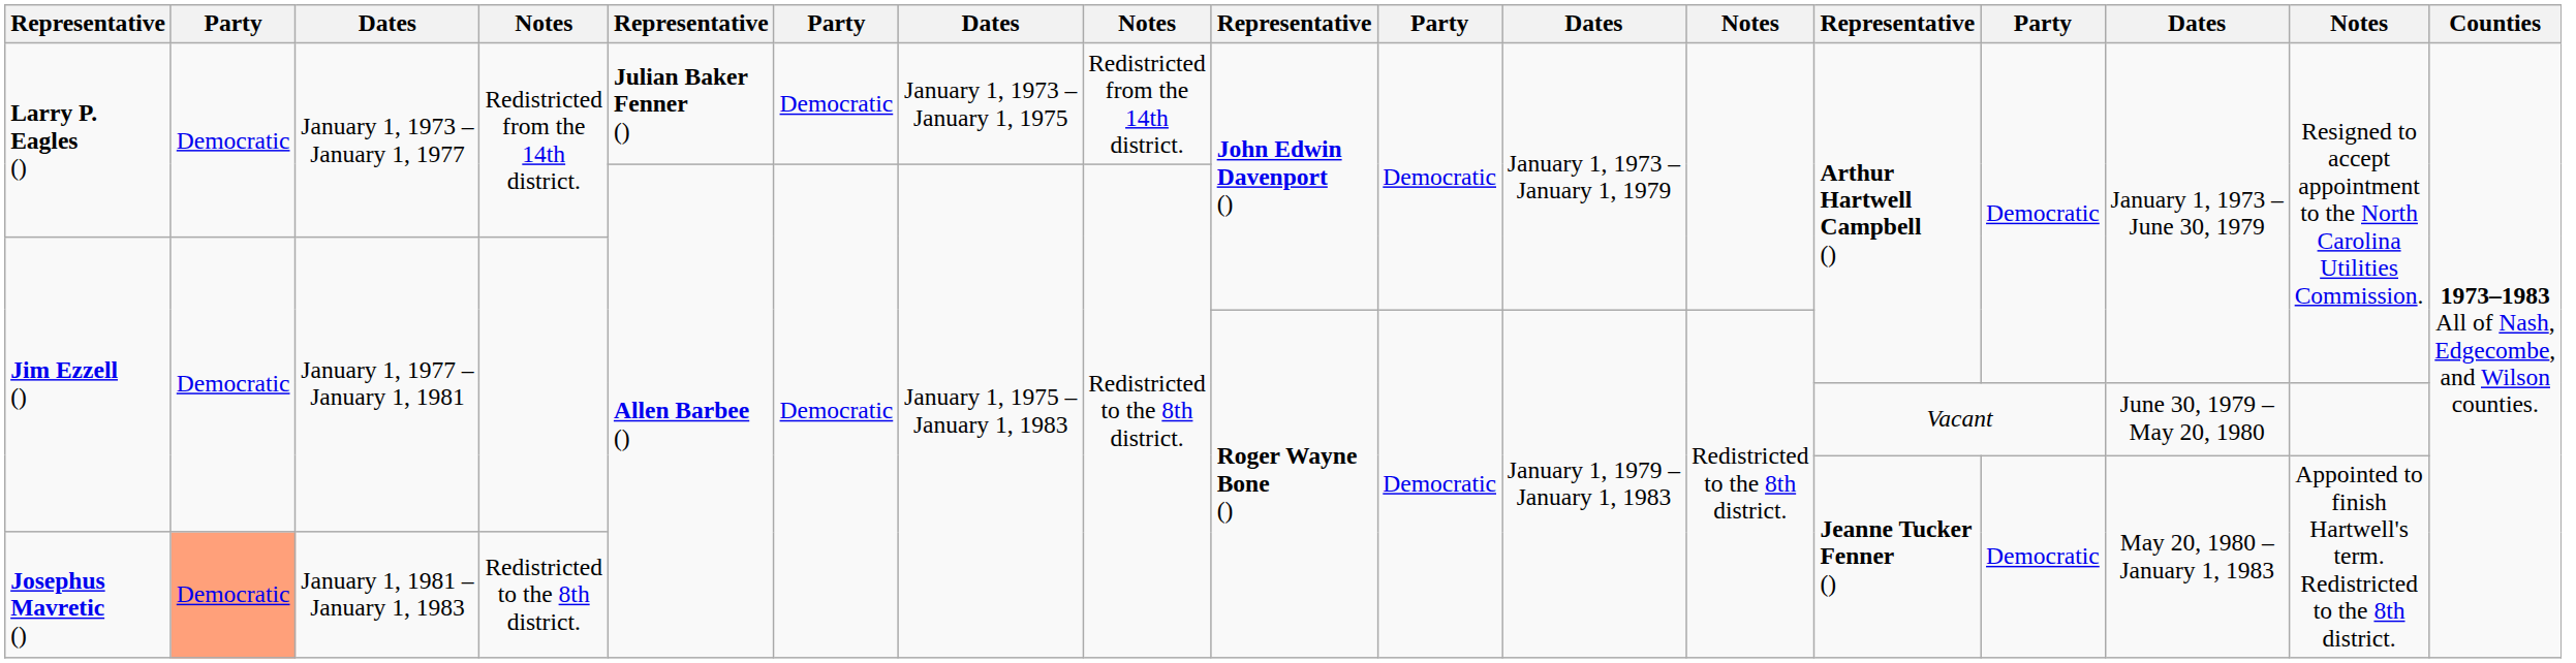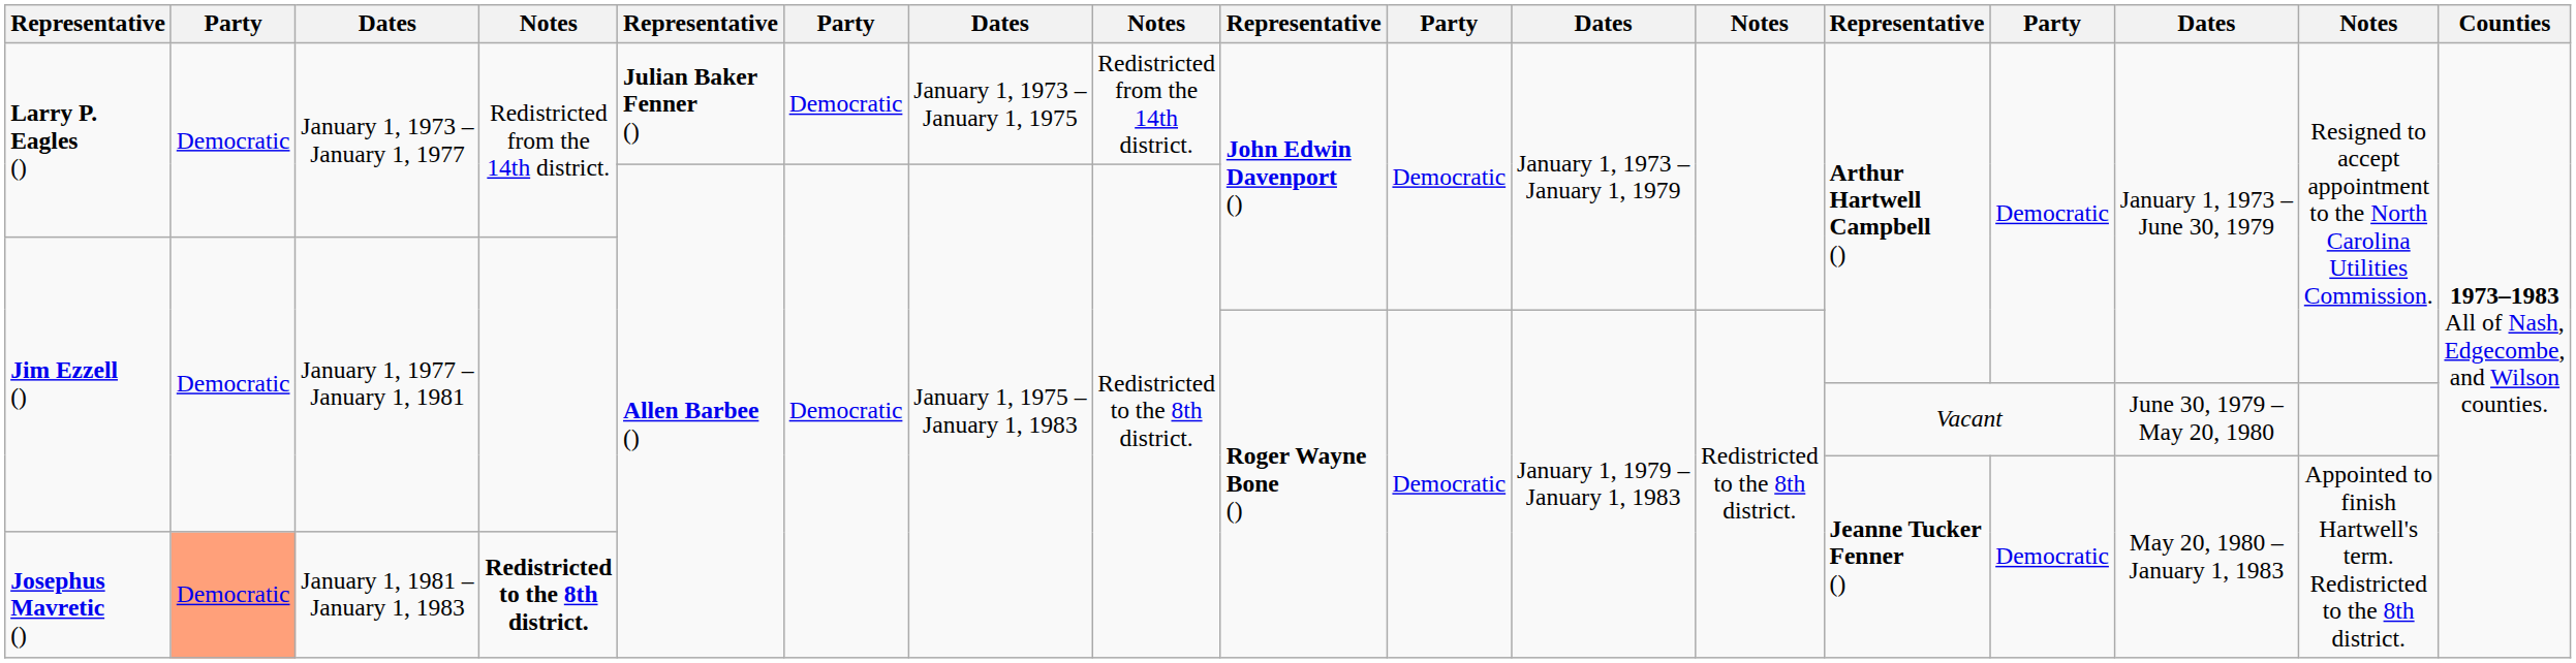 <table class=wikitable style="text-align:center">
 <tr>
 <th>Representative</th>
 <th>Party</th>
 <th>Dates</th>
 <th>Notes</th>
 <th>Representative</th>
 <th>Party</th>
 <th>Dates</th>
 <th>Notes</th>
 <th>Representative</th>
 <th>Party</th>
 <th>Dates</th>
 <th>Notes</th>
 <th>Representative</th>
 <th>Party</th>
 <th>Dates</th>
 <th>Notes</th>
 <th>Counties</th>
 </tr>
 <tr style="height:3em">
 <td rowspan=2 align=left><strong>Larry P. Eagles</strong><br>()</td>
 <td rowspan=2 ><a href='#'>Democratic</a></td>
 <td rowspan=2 nowrap>January 1, 1973 – <br> January 1, 1977</td>
 <td rowspan=2>Redistricted from the <a href='#'>14th</a> district.</td>
 <td align=left><strong>Julian Baker Fenner</strong><br>()</td>
 <td><a href='#'>Democratic</a></td>
 <td nowrap>January 1, 1973 – <br> January 1, 1975</td>
 <td>Redistricted from the <a href='#'>14th</a> district.</td>
 <td rowspan=3 align=left><strong><a href='#'>John Edwin Davenport</a></strong><br>()</td>
 <td rowspan=3 ><a href='#'>Democratic</a></td>
 <td rowspan=3 nowrap>January 1, 1973 – <br> January 1, 1979</td>
 <td rowspan=3></td>
 <td rowspan=4 align=left><strong>Arthur Hartwell Campbell</strong><br>()</td>
 <td rowspan=4 ><a href='#'>Democratic</a></td>
 <td rowspan=4 nowrap>January 1, 1973 – <br> June 30, 1979</td>
 <td rowspan=4>Resigned to accept appointment to the <a href='#'>North Carolina Utilities Commission</a>.</td>
 <td rowspan=7><strong>1973–1983</strong><br> All of <a href='#'>Nash</a>, <a href='#'>Edgecombe</a>, and <a href='#'>Wilson</a> counties.</td>
 </tr>
 <tr style="height:3em">
 <td rowspan=6 align=left><br><strong><a href='#'>Allen Barbee</a></strong><br>()</td>
 <td rowspan=6 ><a href='#'>Democratic</a></td>
 <td rowspan=6 nowrap>January 1, 1975 – <br> January 1, 1983</td>
 <td rowspan=6>Redistricted to the <a href='#'>8th</a> district.</td>
 </tr>
 <tr style="height:3em">
 <td rowspan=4 align=left><strong><a href='#'>Jim Ezzell</a></strong><br>()</td>
 <td rowspan=4 ><a href='#'>Democratic</a></td>
 <td rowspan=4 nowrap>January 1, 1977 – <br> January 1, 1981</td>
 <td rowspan=4></td>
 </tr>
 <tr style="height:3em">
 <td rowspan=4 align=left><strong>Roger Wayne Bone</strong><br>()</td>
 <td rowspan=4 ><a href='#'>Democratic</a></td>
 <td rowspan=4 nowrap>January 1, 1979 – <br> January 1, 1983</td>
 <td rowspan=4>Redistricted to the <a href='#'>8th</a> district.</td>
 </tr>
 <tr style="height:3em">
 <td colspan=2 align=center><em>Vacant</em></td>
 <td nowrap>June 30, 1979 – <br> May 20, 1980</td>
 <td></td>
 </tr>
 <tr style="height:3em">
 <td rowspan=2 align=left><strong>Jeanne Tucker Fenner</strong><br>()</td>
 <td rowspan=2 ><a href='#'>Democratic</a></td>
 <td rowspan=2 nowrap>May 20, 1980 – <br> January 1, 1983</td>
 <td rowspan=2>Appointed to finish Hartwell's term. <br> Redistricted to the <a href='#'>8th</a> district.</td>
 </tr>
 <tr style="height:3em">
 <td align=left><br><strong><a href='#'>Josephus Mavretic</a></strong><br>()</td>
 <td style="background: lightsalmon;"><a href='#'>Democratic</a></td>
 <td nowrap>January 1, 1981 – <br> January 1, 1983</td>
-<td>Redistricted to the <a href='#'>8th</a> district.</td>
+<td><strong>Redistricted to the <a href='#'>8th</a> district.</strong></td>
 </tr>
 </table>
